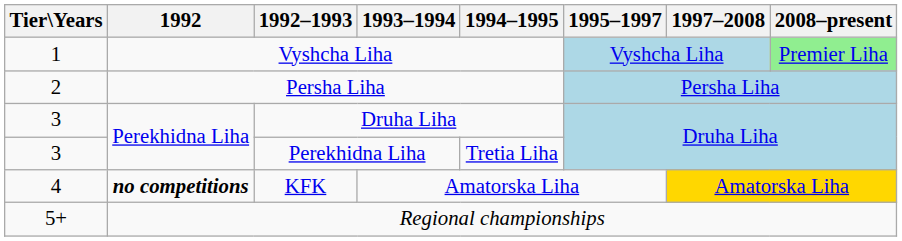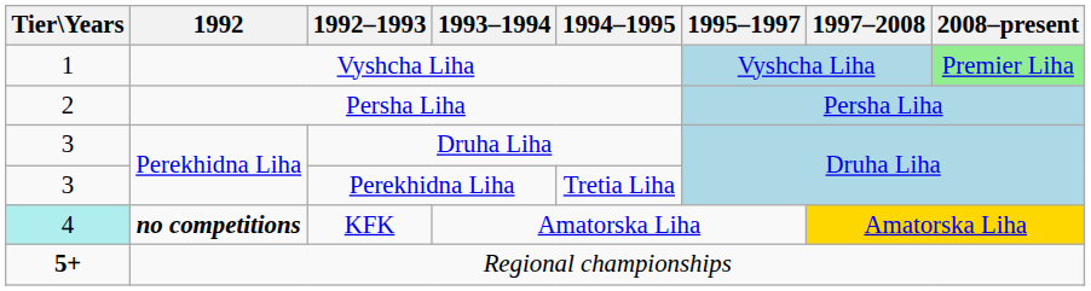 <table class="wikitable" style="text-align: center;">
 <tr>
 <th>Tier\Years</th>
 <th>1992</th>
 <th>1992–1993</th>
 <th>1993–1994</th>
 <th>1994–1995</th>
 <th>1995–1997</th>
 <th>1997–2008</th>
 <th>2008–present</th>
 </tr>
 <tr>
 <td>1</td>
 <td colspan=4><a href='#'>Vyshcha Liha</a></td>
 <td colspan=2 bgcolor=lightblue><a href='#'>Vyshcha Liha</a></td>
 <td bgcolor=lightgreen><a href='#'>Premier Liha</a></td>
 </tr>
 <tr>
 <td>2</td>
 <td colspan=4><a href='#'>Persha Liha</a></td>
 <td colspan=3 bgcolor=lightblue><a href='#'>Persha Liha</a></td>
 </tr>
 <tr>
 <td>3</td>
 <td rowspan=2><a href='#'>Perekhidna Liha</a></td>
 <td colspan=3><a href='#'>Druha Liha</a></td>
 <td colspan=3 rowspan=2 bgcolor=lightblue><a href='#'>Druha Liha</a></td>
 </tr>
 <tr>
 <td>3 </td>
 <td colspan=2><a href='#'>Perekhidna Liha</a></td>
 <td><a href='#'>Tretia Liha</a></td>
 </tr>
 <tr>
-<td>4</td>
+<td style="background: paleturquoise;">4</td>
 <td><strong><em>no competitions</em></strong></td>
 <td><a href='#'>KFK</a></td>
 <td colspan=3><a href='#'>Amatorska Liha</a></td>
 <td colspan=2 bgcolor=gold><a href='#'>Amatorska Liha</a></td>
 </tr>
 <tr>
-<td>5+</td>
+<td><strong>5+</strong></td>
 <td colspan=7><em>Regional championships</em></td>
 </tr>
 </table>
